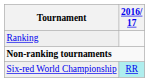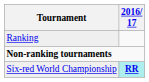 <table class="wikitable" style="font-size:85%;">
 <tr>
 <th>Tournament</th>
 <th><a href='#'>2016/<br>17</a></th>
 </tr>
 <tr>
 <td style="background:#EFEFEF;"><a href='#'>Ranking</a></td>
 <td align="center"></td>
 </tr>
 <tr>
 <td colspan="10"><strong>Non-ranking tournaments</strong></td>
 </tr>
 <tr>
 <td style="background:#EFEFEF;"><a href='#'>Six-red World Championship</a></td>
-<td align="center" style="background:#afeeee;"><a href='#'>RR</a></td>
+<td align="center" style="background:#afeeee;"><strong><a href='#'>RR</a></strong></td>
 </tr>
 </table>
